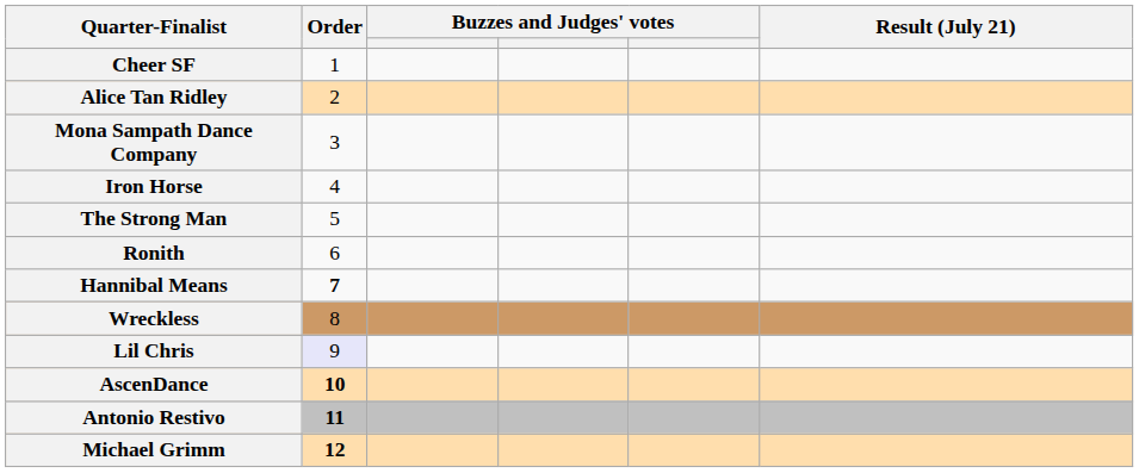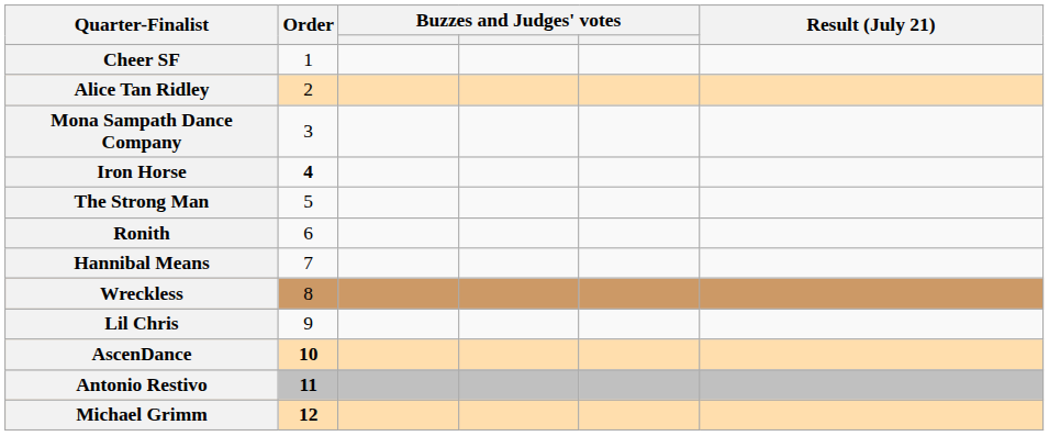 <table class="wikitable plainrowheaders sortable" style="text-align:center;">
 <tr>
 <th scope="col" rowspan="2" class="unsortable" style="width:17em;">Quarter-Finalist</th>
 <th scope="col" rowspan="2" style="width:1em;">Order</th>
 <th scope="col" colspan="3" class="unsortable" style="width:24em;">Buzzes and Judges' votes</th>
 <th scope="col" rowspan="2" style="width:23em;">Result (July 21)</th>
 </tr>
 <tr>
 <th scope="col" class="unsortable" style="width:6em;"></th>
 <th scope="col" class="unsortable" style="width:6em;"></th>
 <th scope="col" class="unsortable" style="width:6em;"></th>
 </tr>
 <tr>
 <th scope="row">Cheer SF</th>
 <td>1</td>
 <td style="text-align:center;"></td>
 <td style="text-align:center;"></td>
 <td style="text-align:center;"></td>
 <td></td>
 </tr>
 <tr style="background:NavajoWhite;">
 <th scope="row"><strong>Alice Tan Ridley</strong></th>
 <td>2</td>
 <td style="text-align:center;"></td>
 <td style="text-align:center;"></td>
 <td style="text-align:center;"></td>
 <td><strong></strong></td>
 </tr>
 <tr>
 <th scope="row">Mona Sampath Dance Company</th>
 <td>3</td>
 <td style="text-align:center;"></td>
 <td style="text-align:center;"></td>
 <td style="text-align:center;"></td>
 <td></td>
 </tr>
 <tr>
 <th scope="row">Iron Horse</th>
-<td>4</td>
+<td><strong>4</strong></td>
 <td style="text-align:center;"></td>
 <td style="text-align:center;"></td>
 <td style="text-align:center;"></td>
 <td></td>
 </tr>
 <tr>
 <th scope="row">The Strong Man</th>
 <td>5</td>
 <td style="text-align:center;"></td>
 <td style="text-align:center;"></td>
 <td style="text-align:center;"></td>
 <td></td>
 </tr>
 <tr>
 <th scope="row">Ronith</th>
 <td>6</td>
 <td style="text-align:center;"></td>
 <td style="text-align:center;"></td>
 <td style="text-align:center;"></td>
 <td></td>
 </tr>
 <tr>
 <th scope="row">Hannibal Means</th>
-<td><strong>7</strong></td>
+<td>7</td>
 <td style="text-align:center;"></td>
 <td style="text-align:center;"></td>
 <td style="text-align:center;"></td>
 <td></td>
 </tr>
 <tr style="background:#c96;">
 <th scope="row">Wreckless</th>
 <td>8</td>
 <td style="text-align:center;"></td>
 <td style="text-align:center;"></td>
 <td style="text-align:center;"></td>
 <td></td>
 </tr>
 <tr>
 <th scope="row">Lil Chris</th>
-<td style="background: lavender;">9</td>
+<td>9</td>
 <td style="text-align:center;"></td>
 <td style="text-align:center;"></td>
 <td style="text-align:center;"></td>
 <td></td>
 </tr>
 <tr style="background:NavajoWhite;">
 <th scope="row"><strong>AscenDance</strong></th>
 <td><strong>10</strong></td>
 <td style="text-align:center;"></td>
 <td style="text-align:center;"></td>
 <td style="text-align:center;"></td>
 <td><strong></strong></td>
 </tr>
 <tr style="background:silver;">
 <th scope="row"><strong>Antonio Restivo</strong></th>
 <td><strong>11</strong></td>
 <td style="text-align:center;"></td>
 <td style="text-align:center;"></td>
 <td style="text-align:center;"></td>
 <td><strong></strong></td>
 </tr>
 <tr style="background:NavajoWhite;">
 <th scope="row"><strong>Michael Grimm</strong></th>
 <td><strong>12</strong></td>
 <td style="text-align:center;"></td>
 <td style="text-align:center;"></td>
 <td style="text-align:center;"></td>
 <td><strong></strong></td>
 </tr>
 </table>
